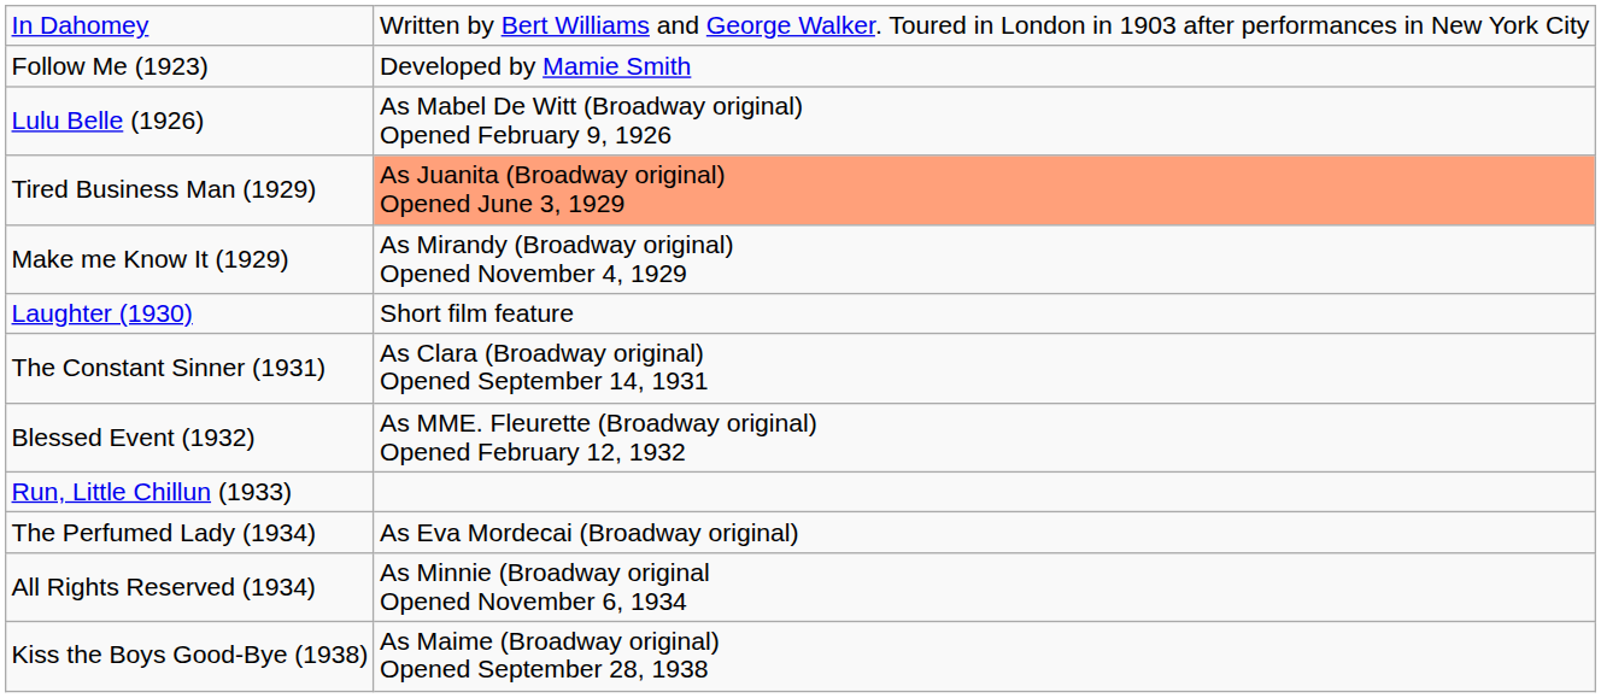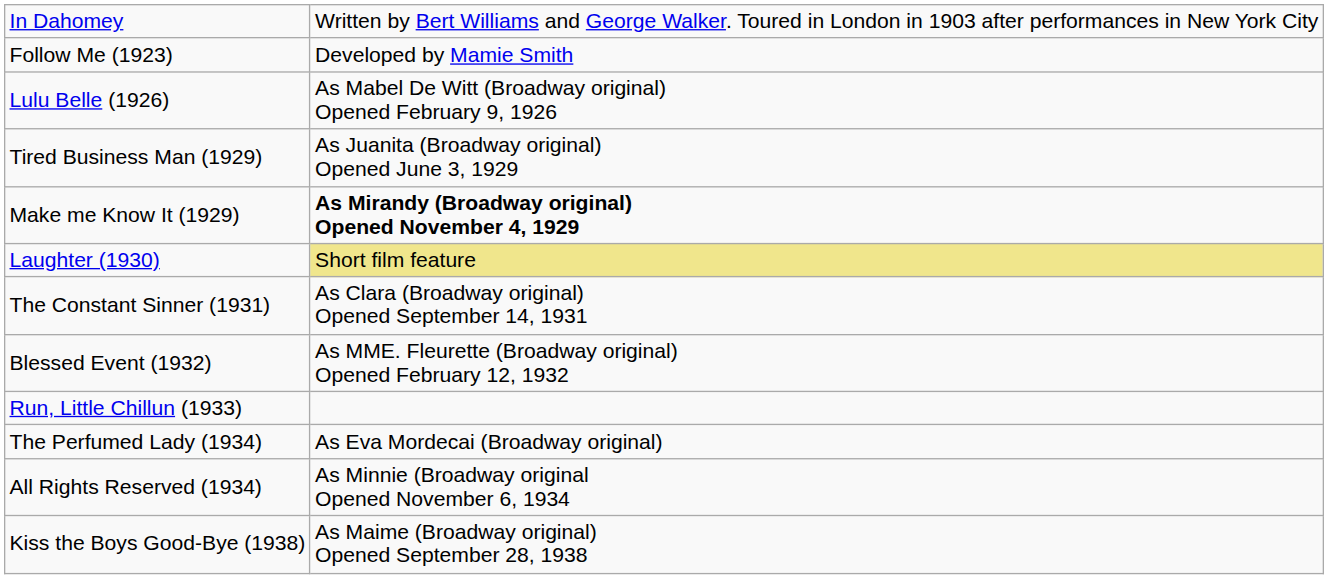 <table class="wikitable">
 <tr>
 <td><a href='#'>In Dahomey</a></td>
 <td>Written by <a href='#'>Bert Williams</a> and <a href='#'>George Walker</a>. Toured in London in 1903 after performances in New York City</td>
 </tr>
 <tr>
 <td>Follow Me (1923)</td>
 <td>Developed by <a href='#'>Mamie Smith</a></td>
 </tr>
 <tr>
 <td><a href='#'>Lulu Belle</a> (1926)</td>
 <td>As Mabel De Witt (Broadway original)<br>Opened February 9, 1926</td>
 </tr>
 <tr>
 <td>Tired Business Man (1929)</td>
-<td style="background: lightsalmon;">As Juanita (Broadway original)<br>Opened June 3, 1929</td>
+<td>As Juanita (Broadway original)<br>Opened June 3, 1929</td>
 </tr>
 <tr>
 <td>Make me Know It (1929)</td>
-<td>As Mirandy (Broadway original)<br>Opened November 4, 1929</td>
+<td><strong>As Mirandy (Broadway original)<br>Opened November 4, 1929</strong></td>
 </tr>
 <tr>
 <td><a href='#'>Laughter (1930)</a></td>
-<td>Short film feature</td>
+<td style="background: khaki;">Short film feature</td>
 </tr>
 <tr>
 <td>The Constant Sinner (1931)</td>
 <td>As Clara (Broadway original)<br>Opened September 14, 1931</td>
 </tr>
 <tr>
 <td>Blessed Event (1932)</td>
 <td>As MME. Fleurette (Broadway original)<br>Opened February 12, 1932</td>
 </tr>
 <tr>
 <td><a href='#'>Run, Little Chillun</a> (1933)</td>
 <td></td>
 </tr>
 <tr>
 <td>The Perfumed Lady (1934)</td>
 <td>As Eva Mordecai (Broadway original)</td>
 </tr>
 <tr>
 <td>All Rights Reserved (1934)</td>
 <td>As Minnie (Broadway original<br>Opened November 6, 1934</td>
 </tr>
 <tr>
 <td>Kiss the Boys Good-Bye (1938)</td>
 <td>As Maime (Broadway original)<br>Opened September 28, 1938</td>
 </tr>
 </table>
